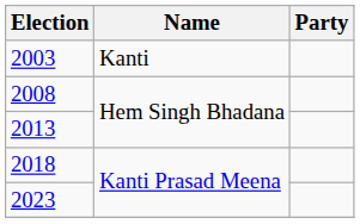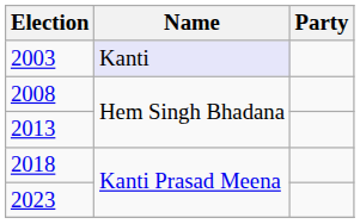 <table class="wikitable sortable">
 <tr>
 <th>Election</th>
 <th>Name</th>
 <th colspan="2">Party</th>
 </tr>
 <tr>
 <td><a href='#'>2003</a></td>
-<td>Kanti</td>
+<td style="background: lavender;">Kanti</td>
 <td></td>
 </tr>
 <tr>
 <td><a href='#'>2008</a></td>
 <td rowspan=2>Hem Singh Bhadana</td>
 <td></td>
 </tr>
 <tr>
 <td><a href='#'>2013</a></td>
 </tr>
 <tr>
 <td><a href='#'>2018</a></td>
 <td rowspan=2><a href='#'>Kanti Prasad Meena</a></td>
 <td></td>
 </tr>
 <tr>
 <td><a href='#'>2023</a></td>
 <td></td>
 </tr>
 <tr>
 </tr>
 </table>
